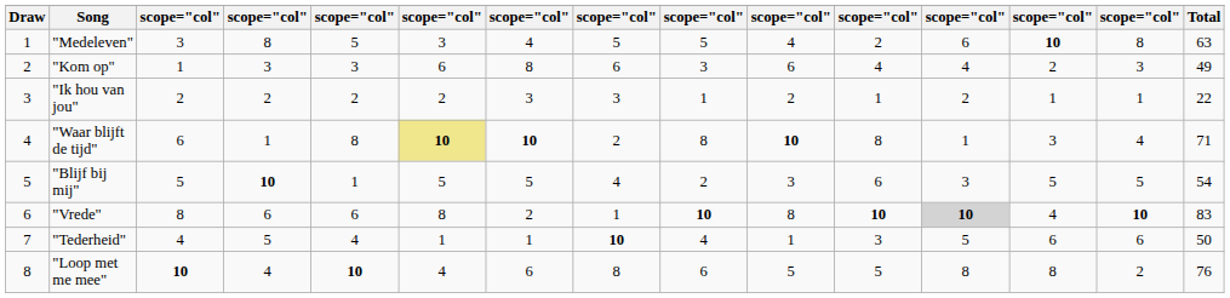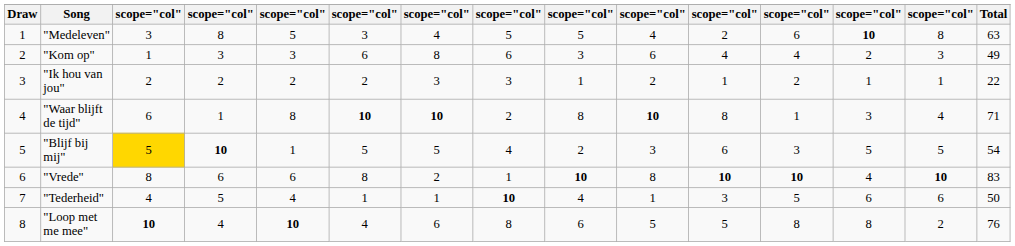 <table class="wikitable plainrowheaders" style="margin: 1em auto 1em auto; text-align:center;">
 <tr>
 </tr>
 <tr>
 <th scope="col">Draw</th>
 <th scope="col">Song</th>
 <th>scope="col" </th>
 <th>scope="col" </th>
 <th>scope="col" </th>
 <th>scope="col" </th>
 <th>scope="col" </th>
 <th>scope="col" </th>
 <th>scope="col" </th>
 <th>scope="col" </th>
 <th>scope="col" </th>
 <th>scope="col" </th>
 <th>scope="col" </th>
 <th>scope="col" </th>
 <th scope="col">Total</th>
 </tr>
 <tr --->
 <td>1</td>
 <td align="left">"Medeleven"</td>
 <td>3</td>
 <td>8</td>
 <td>5</td>
 <td>3</td>
 <td>4</td>
 <td>5</td>
 <td>5</td>
 <td>4</td>
 <td>2</td>
 <td>6</td>
 <td><strong>10</strong></td>
 <td>8</td>
 <td>63</td>
 </tr>
 <tr --->
 <td>2</td>
 <td align="left">"Kom op"</td>
 <td>1</td>
 <td>3</td>
 <td>3</td>
 <td>6</td>
 <td>8</td>
 <td>6</td>
 <td>3</td>
 <td>6</td>
 <td>4</td>
 <td>4</td>
 <td>2</td>
 <td>3</td>
 <td>49</td>
 </tr>
 <tr --->
 <td>3</td>
 <td align="left">"Ik hou van jou"</td>
 <td>2</td>
 <td>2</td>
 <td>2</td>
 <td>2</td>
 <td>3</td>
 <td>3</td>
 <td>1</td>
 <td>2</td>
 <td>1</td>
 <td>2</td>
 <td>1</td>
 <td>1</td>
 <td>22</td>
 </tr>
 <tr --->
 <td>4</td>
 <td align="left">"Waar blijft de tijd"</td>
 <td>6</td>
 <td>1</td>
 <td>8</td>
-<td style="background: khaki;"><strong>10</strong></td>
+<td><strong>10</strong></td>
 <td><strong>10</strong></td>
 <td>2</td>
 <td>8</td>
 <td><strong>10</strong></td>
 <td>8</td>
 <td>1</td>
 <td>3</td>
 <td>4</td>
 <td>71</td>
 </tr>
 <tr --->
 <td>5</td>
 <td align="left">"Blijf bij mij"</td>
-<td>5</td>
+<td style="background: gold;">5</td>
 <td><strong>10</strong></td>
 <td>1</td>
 <td>5</td>
 <td>5</td>
 <td>4</td>
 <td>2</td>
 <td>3</td>
 <td>6</td>
 <td>3</td>
 <td>5</td>
 <td>5</td>
 <td>54</td>
 </tr>
 <tr --->
 <td>6</td>
 <td align="left">"Vrede"</td>
 <td>8</td>
 <td>6</td>
 <td>6</td>
 <td>8</td>
 <td>2</td>
 <td>1</td>
 <td><strong>10</strong></td>
 <td>8</td>
 <td><strong>10</strong></td>
-<td style="background: lightgrey;"><strong>10</strong></td>
+<td><strong>10</strong></td>
 <td>4</td>
 <td><strong>10</strong></td>
 <td>83</td>
 </tr>
 <tr --->
 <td>7</td>
 <td align="left">"Tederheid"</td>
 <td>4</td>
 <td>5</td>
 <td>4</td>
 <td>1</td>
 <td>1</td>
 <td><strong>10</strong></td>
 <td>4</td>
 <td>1</td>
 <td>3</td>
 <td>5</td>
 <td>6</td>
 <td>6</td>
 <td>50</td>
 </tr>
 <tr --->
 <td>8</td>
 <td align="left">"Loop met me mee"</td>
 <td><strong>10</strong></td>
 <td>4</td>
 <td><strong>10</strong></td>
 <td>4</td>
 <td>6</td>
 <td>8</td>
 <td>6</td>
 <td>5</td>
 <td>5</td>
 <td>8</td>
 <td>8</td>
 <td>2</td>
 <td>76</td>
 </tr>
 </table>
